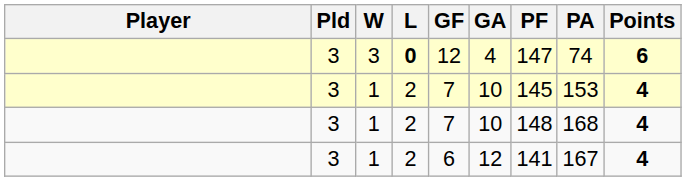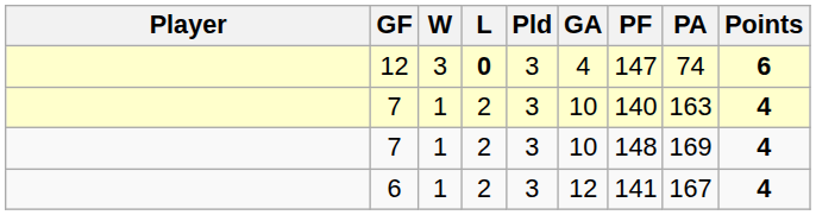 <table class=wikitable style="text-align:center">
 <tr>
 <th width=220>Player</th>
-<th width=20>Pld</th>
+<th width=20>GF</th>
 <th width=20>W</th>
 <th width=20>L</th>
-<th width=20>GF</th>
+<th width=20>Pld</th>
 <th width=20>GA</th>
 <th width=20>PF</th>
 <th width=20>PA</th>
 <th width=50>Points</th>
 </tr>
 <tr bgcolor=#ffffcc>
 <td align=left></td>
-<td>3</td>
+<td>12</td>
 <td>3</td>
 <td><strong>0</strong></td>
-<td>12</td>
+<td>3</td>
 <td>4</td>
 <td>147</td>
 <td>74</td>
 <td><strong>6</strong></td>
 </tr>
 <tr bgcolor=#ffffcc>
 <td align=left></td>
-<td>3</td>
+<td>7</td>
 <td>1</td>
 <td>2</td>
-<td>7</td>
+<td>3</td>
 <td>10</td>
-<td>145</td>
-<td>153</td>
+<td>140</td>
+<td>163</td>
 <td><strong>4</strong></td>
 </tr>
 <tr>
 <td align=left></td>
-<td>3</td>
+<td>7</td>
 <td>1</td>
 <td>2</td>
-<td>7</td>
+<td>3</td>
 <td>10</td>
 <td>148</td>
-<td>168</td>
+<td>169</td>
 <td><strong>4</strong></td>
 </tr>
 <tr>
 <td align=left></td>
-<td>3</td>
+<td>6</td>
 <td>1</td>
 <td>2</td>
-<td>6</td>
+<td>3</td>
 <td>12</td>
 <td>141</td>
 <td>167</td>
 <td><strong>4</strong></td>
 </tr>
 </table>
